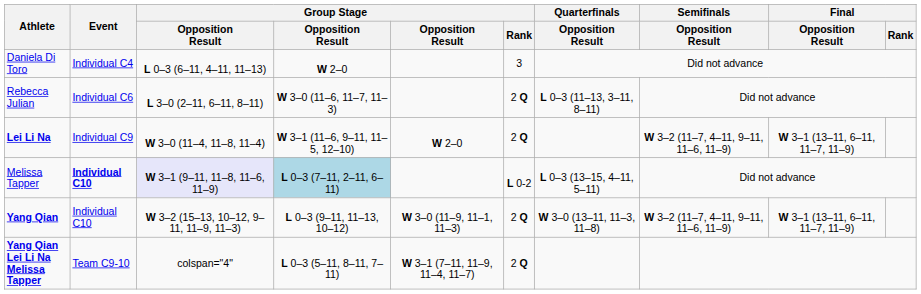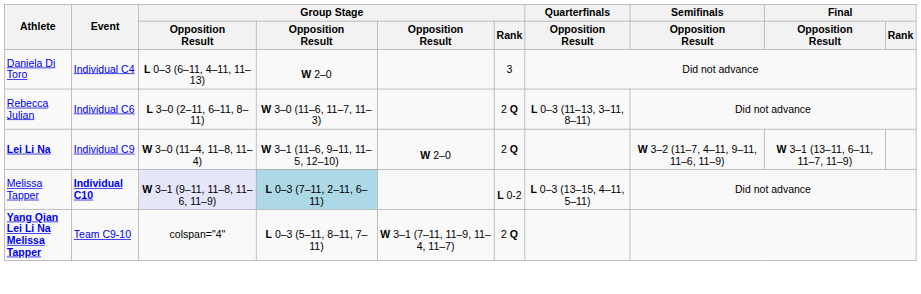 <table class=wikitable style="font-size:90%">
 <tr>
 <th rowspan="2">Athlete</th>
 <th rowspan="2">Event</th>
 <th colspan="4">Group Stage</th>
 <th>Quarterfinals</th>
 <th>Semifinals</th>
 <th colspan="2">Final</th>
 </tr>
 <tr>
 <th>Opposition<br>Result</th>
 <th>Opposition<br>Result</th>
 <th>Opposition<br>Result</th>
 <th>Rank</th>
 <th>Opposition<br>Result</th>
 <th>Opposition<br>Result</th>
 <th>Opposition<br>Result</th>
 <th>Rank</th>
 </tr>
 <tr align=center>
 <td align=left><a href='#'>Daniela Di Toro</a></td>
 <td align=left><a href='#'>Individual C4</a></td>
 <td><br><strong>L</strong> 0–3 (6–11, 4–11, 11–13)</td>
 <td><br><strong>W</strong> 2–0</td>
 <td></td>
 <td>3</td>
 <td align="center" colspan=4>Did not advance</td>
 </tr>
 <tr align=center>
 <td align=left><a href='#'>Rebecca Julian</a></td>
 <td align=left><a href='#'>Individual C6</a></td>
 <td><br><strong>L</strong> 3–0 (2–11, 6–11, 8–11)</td>
 <td><br><strong>W</strong> 3–0 (11–6, 11–7, 11–3)</td>
 <td></td>
 <td>2 <strong>Q</strong></td>
 <td><br><strong>L</strong> 0–3 (11–13, 3–11, 8–11)</td>
 <td align="center" colspan=3>Did not advance</td>
 </tr>
 <tr align=center>
 <td align=left><strong><a href='#'>Lei Li Na</a></strong></td>
 <td align=left><a href='#'>Individual C9</a></td>
 <td><br><strong>W</strong> 3–0 (11–4, 11–8, 11–4)</td>
 <td><br><strong>W</strong> 3–1 (11–6, 9–11, 11–5, 12–10)</td>
 <td><br><strong>W</strong> 2–0</td>
 <td>2 <strong>Q</strong></td>
 <td></td>
 <td><br><strong>W</strong> 3–2 (11–7, 4–11, 9–11, 11–6, 11–9)</td>
 <td><br><strong>W</strong> 3–1 (13–11, 6–11, 11–7, 11–9)</td>
 <td></td>
 </tr>
 <tr align=center>
 <td align=left><a href='#'>Melissa Tapper</a></td>
 <td align=left><strong><a href='#'>Individual C10</a></strong></td>
 <td style="background: lavender;"><br><strong>W</strong> 3–1 (9–11, 11–8, 11–6, 11–9)</td>
 <td style="background: lightblue;"><br><strong>L</strong> 0–3 (7–11, 2–11, 6–11)</td>
 <td></td>
 <td><br><strong>L</strong> 0-2</td>
 <td><br><strong>L</strong> 0–3 (13–15, 4–11, 5–11)</td>
 <td align="center" colspan=3>Did not advance</td>
 </tr>
 <tr align=center>
-<td align=left><strong><a href='#'>Yang Qian</a></strong></td>
-<td align=left><a href='#'>Individual C10</a></td>
-<td><br><strong>W</strong> 3–2 (15–13, 10–12, 9–11, 11–9, 11–3)</td>
-<td><br><strong>L</strong> 0–3 (9–11, 11–13, 10–12)</td>
-<td><br><strong>W</strong> 3–0 (11–9, 11–1, 11–3)</td>
-<td>2 <strong>Q</strong></td>
-<td><br><strong>W</strong> 3–0 (13–11, 11–3, 11–8)</td>
-<td><br><strong>W</strong> 3–2 (11–7, 4–11, 9–11, 11–6, 11–9)</td>
-<td><br><strong>W</strong> 3–1 (13–11, 6–11, 11–7, 11–9)</td>
-<td></td>
-</tr>
-<tr align=center>
 <td align=left><strong><a href='#'>Yang Qian</a><br><a href='#'>Lei Li Na</a><br><a href='#'>Melissa Tapper</a></strong></td>
 <td align=left><a href='#'>Team C9-10</a></td>
 <td>colspan="4" </td>
 <td><br><strong>L</strong> 0–3 (5–11, 8–11, 7–11)</td>
 <td><br><strong>W</strong> 3–1 (7–11, 11–9, 11–4, 11–7)</td>
 <td>2 <strong>Q</strong></td>
 <td></td>
 </tr>
 </table>
